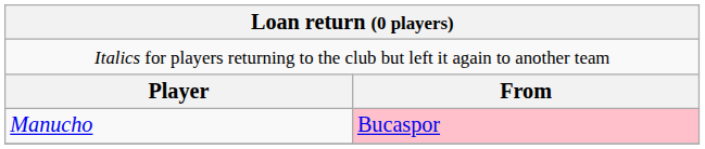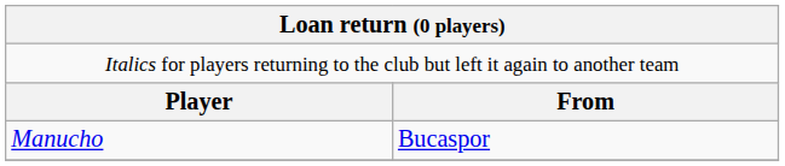 <table class="wikitable collapsible collapsed">
 <tr>
 <th colspan="2" width="500"> <strong>Loan return</strong> <small>(0 players)</small></th>
 </tr>
 <tr>
 <td colspan="2" align="center"><small><em>Italics</em> for players returning to the club but left it again to another team</small></td>
 </tr>
 <tr>
 <th>Player</th>
 <th>From</th>
 </tr>
 <tr>
 <td> <em><a href='#'>Manucho</a></em></td>
-<td style="background: pink;"> <a href='#'>Bucaspor</a></td>
+<td> <a href='#'>Bucaspor</a></td>
 </tr>
 <tr>
 </tr>
 </table>
